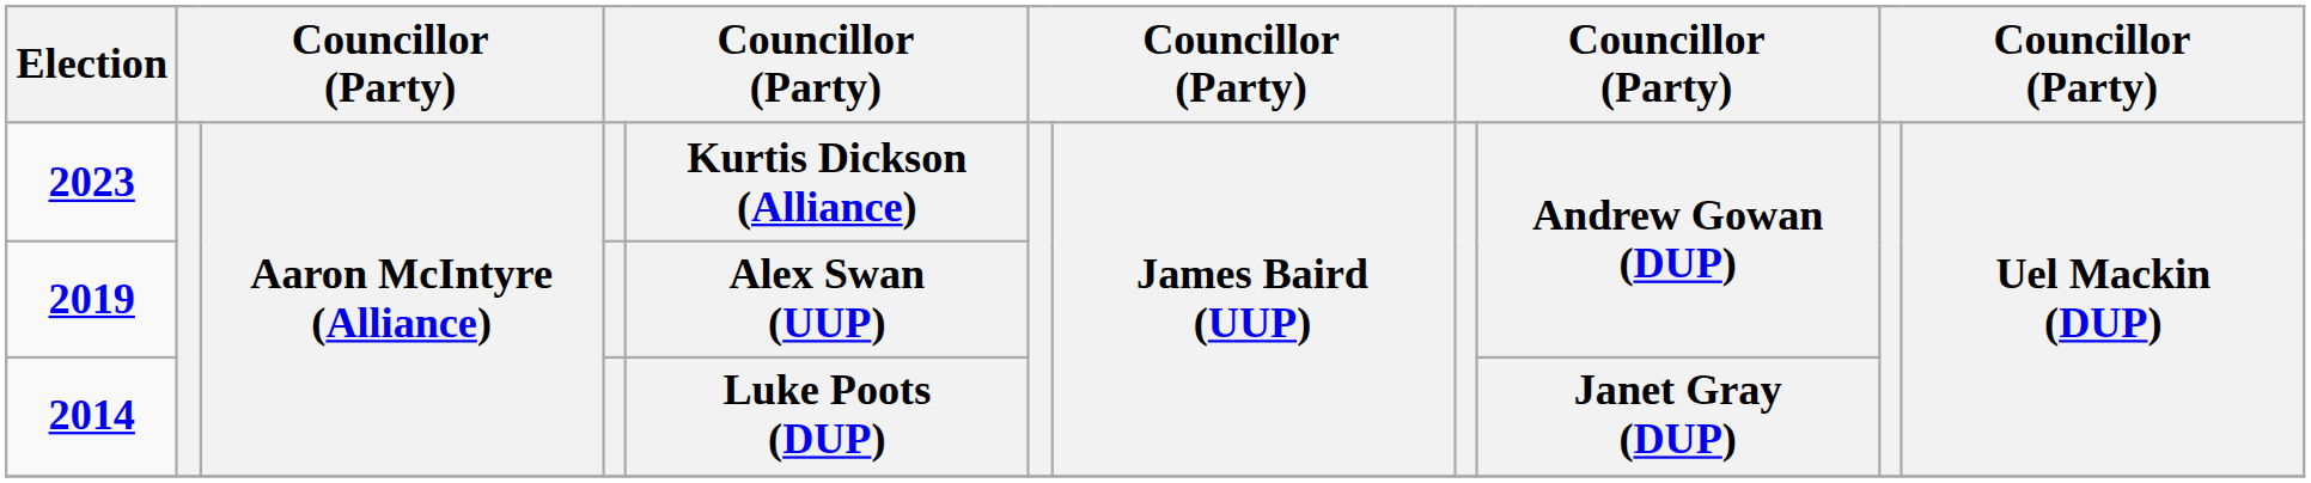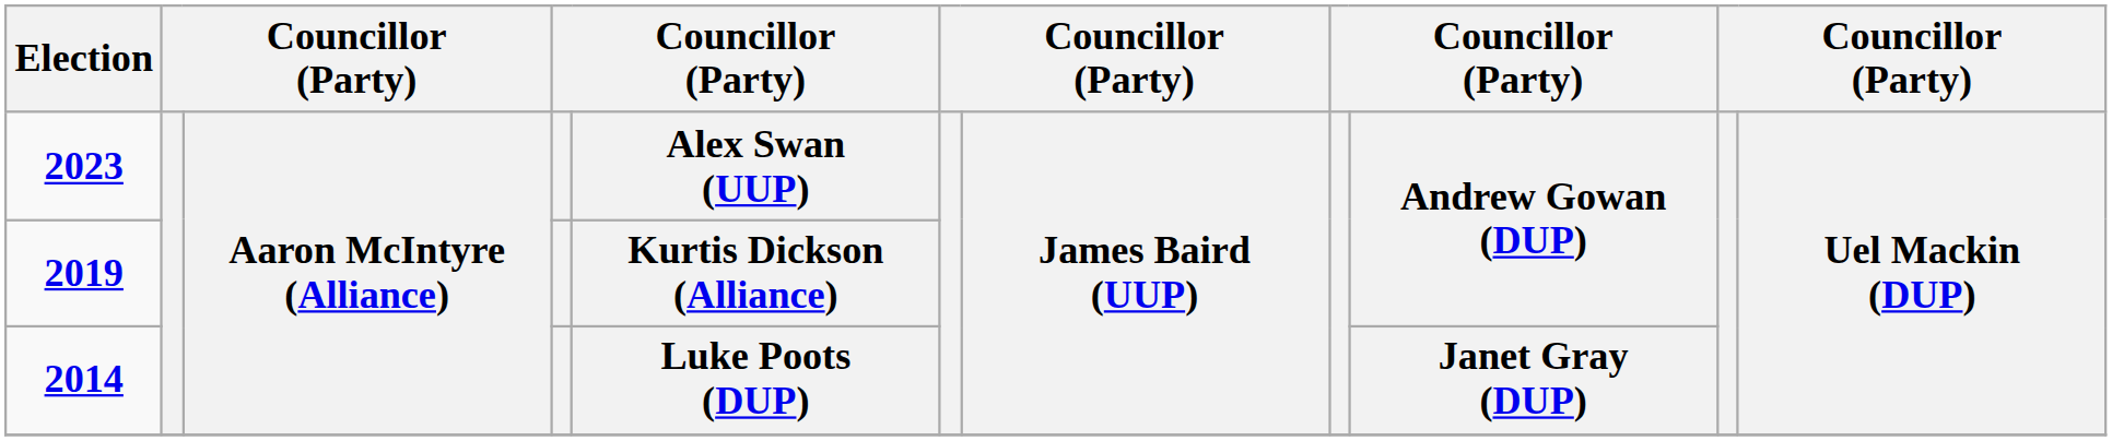 <table class="wikitable" style="text-align:center">
 <tr>
 <th scope="col" width="50">Election</th>
 <th scope="col" width="150" colspan = "2">Councillor<br> (Party)</th>
 <th scope="col" width="150" colspan = "2">Councillor<br> (Party)</th>
 <th scope="col" width="150" colspan = "2">Councillor<br> (Party)</th>
 <th scope="col" width="150" colspan = "2">Councillor<br> (Party)</th>
 <th scope="col" width="150" colspan = "2">Councillor<br> (Party)</th>
 </tr>
 <tr>
 <td><strong><a href='#'>2023</a></strong></td>
 <th rowspan="3" width="1" style="background-color: "></th>
 <th rowspan = "3">Aaron McIntyre <br> (<a href='#'>Alliance</a>)</th>
 <th rowspan="1" width="1" style="background-color: "></th>
-<th rowspan = "1">Kurtis Dickson <br> (<a href='#'>Alliance</a>)</th>
+<th rowspan = "1">Alex Swan <br> (<a href='#'>UUP</a>)</th>
 <th rowspan="3" width="1" style="background-color: "></th>
 <th rowspan = "3">James Baird <br> (<a href='#'>UUP</a>)</th>
 <th rowspan="3" width="1" style="background-color: "></th>
 <th rowspan = "2">Andrew Gowan <br> (<a href='#'>DUP</a>)</th>
 <th rowspan="3" width="1" style="background-color: "></th>
 <th rowspan = "3">Uel Mackin <br> (<a href='#'>DUP</a>)</th>
 </tr>
 <tr>
 <td><strong><a href='#'>2019</a></strong></td>
 <th rowspan="1" width="1" style="background-color: "></th>
-<th rowspan = "1">Alex Swan <br> (<a href='#'>UUP</a>)</th>
+<th rowspan = "1">Kurtis Dickson <br> (<a href='#'>Alliance</a>)</th>
 </tr>
 <tr>
 <td><strong><a href='#'>2014</a></strong></td>
 <th rowspan="1" width="1" style="background-color: "></th>
 <th rowspan = "1">Luke Poots <br> (<a href='#'>DUP</a>)</th>
 <th rowspan = "1">Janet Gray <br> (<a href='#'>DUP</a>)</th>
 </tr>
 <tr>
 </tr>
 </table>
